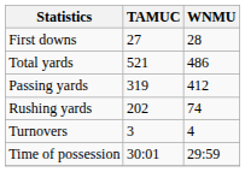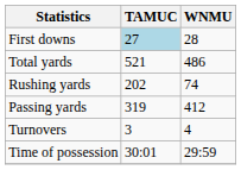 <table class="wikitable" style="float: left;">
 <tr>
 <th>Statistics</th>
 <th>TAMUC</th>
 <th>WNMU</th>
 </tr>
 <tr>
 <td>First downs</td>
-<td>27</td>
+<td style="background: lightblue;">27</td>
 <td>28</td>
 </tr>
 <tr>
 <td>Total yards</td>
 <td>521</td>
 <td>486</td>
 </tr>
 <tr>
+<td>Rushing yards</td>
+<td>202</td>
+<td>74</td>
+</tr>
+<tr>
 <td>Passing yards</td>
 <td>319</td>
 <td>412</td>
-</tr>
-<tr>
-<td>Rushing yards</td>
-<td>202</td>
-<td>74</td>
 </tr>
 <tr>
 <td>Turnovers</td>
 <td>3</td>
 <td>4</td>
 </tr>
 <tr>
 <td>Time of possession</td>
 <td>30:01</td>
 <td>29:59</td>
 </tr>
 <tr>
 </tr>
 </table>
